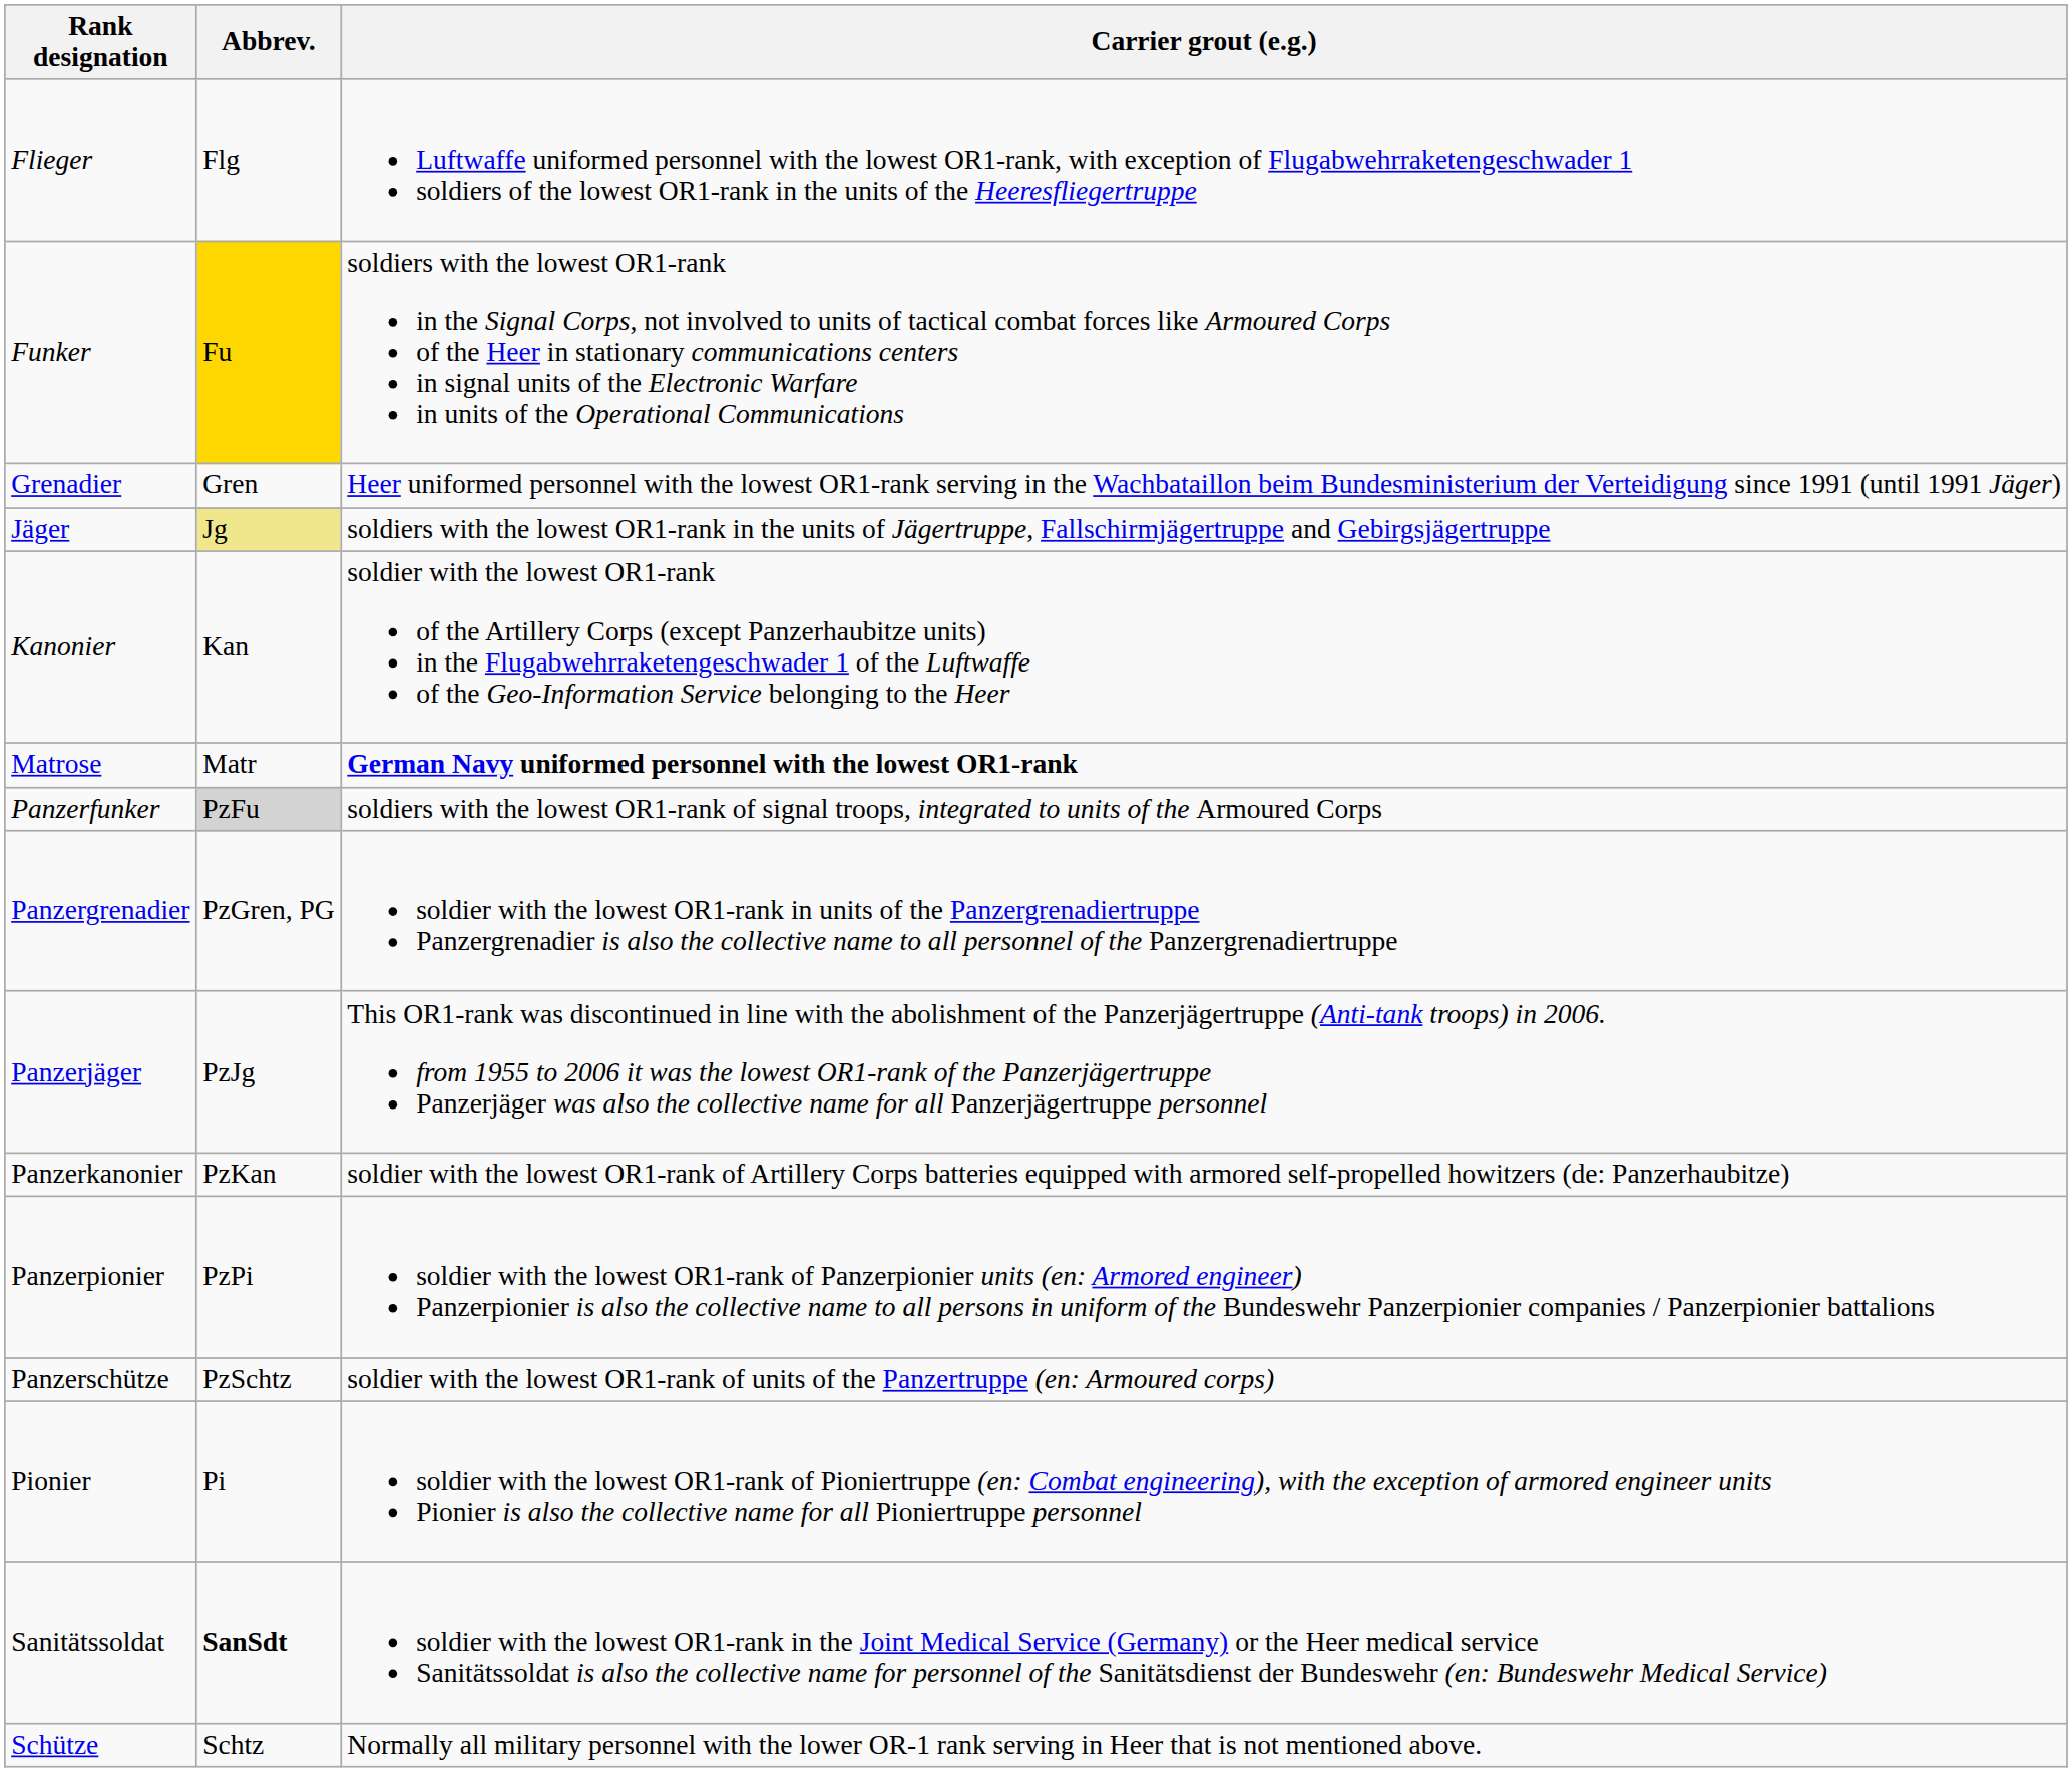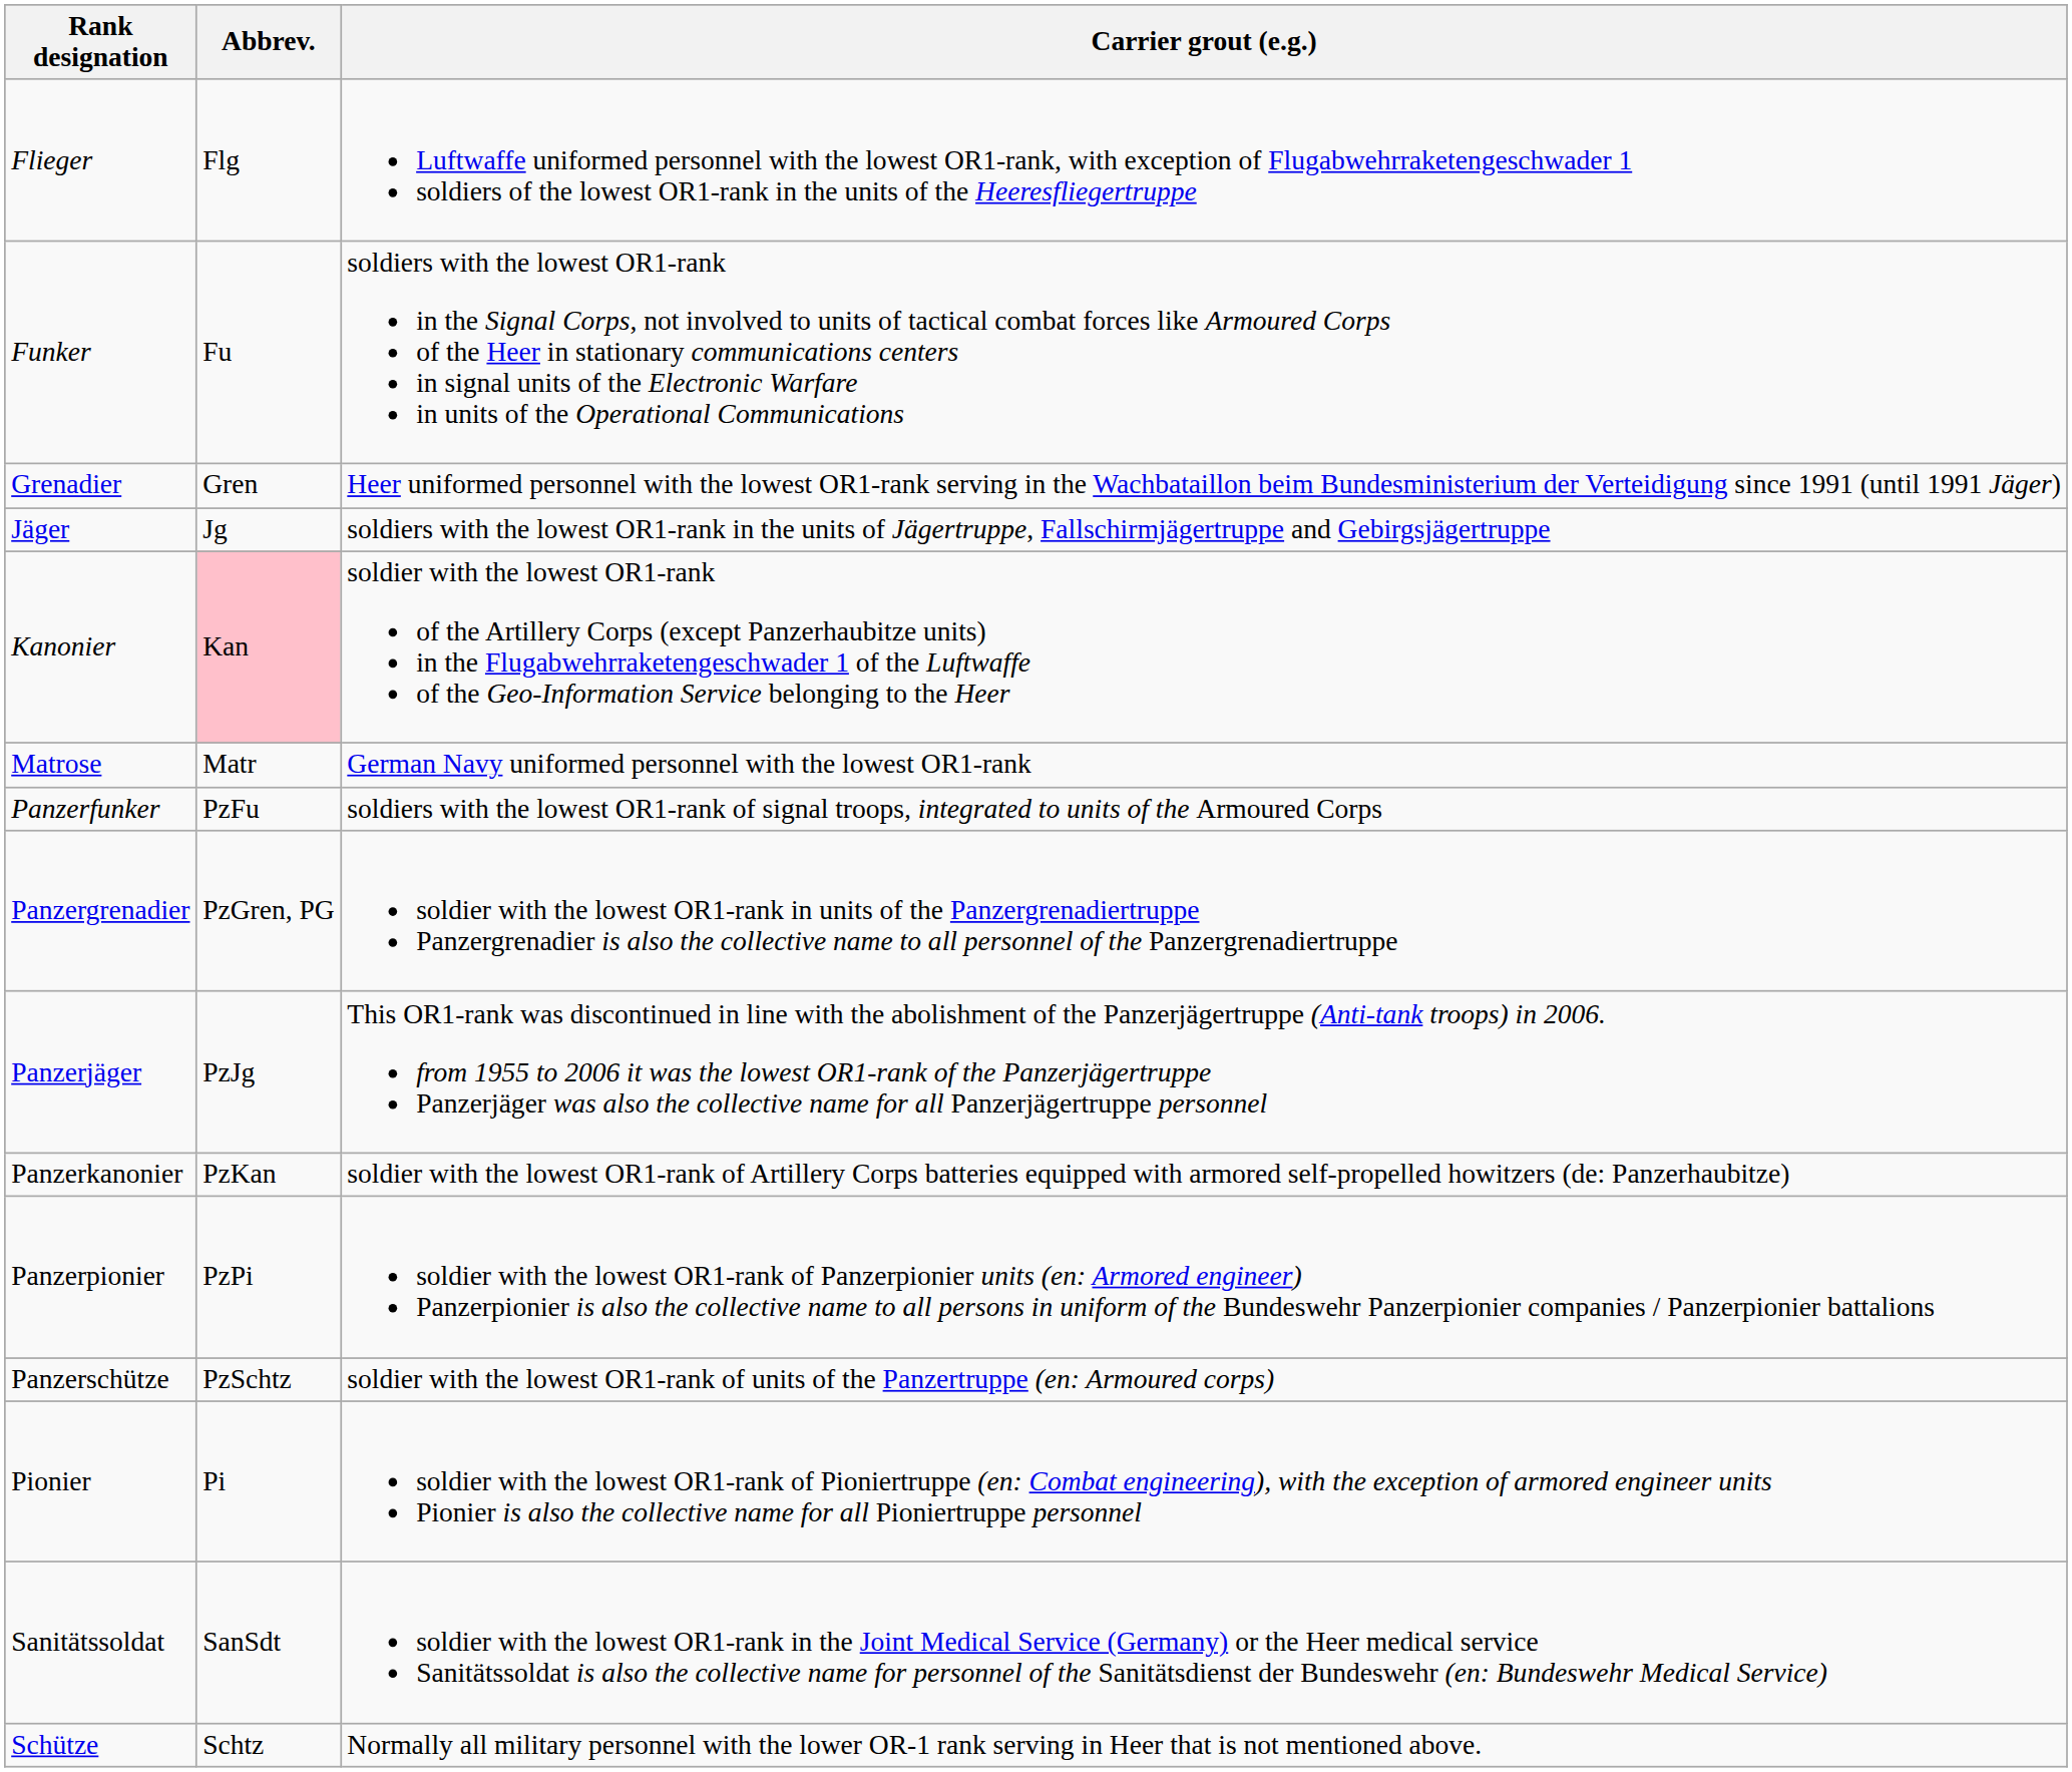 <table class="wikitable">
 <tr>
 <th align="center">Rank<br>designation</th>
 <th align="center">Abbrev.</th>
 <th align="center">Carrier grout (e.g.)</th>
 </tr>
 <tr>
 <td><em>Flieger</em></td>
 <td>Flg</td>
 <td><br><ul><li><a href='#'>Luftwaffe</a> uniformed personnel with the lowest OR1-rank, with exception of <a href='#'>Flugabwehrraketengeschwader 1</a></li><li>soldiers of the lowest OR1-rank in the units of the <a href='#'><em>Heeresfliegertruppe</em></a></li></ul></td>
 </tr>
 <tr>
 <td><em>Funker</em></td>
-<td style="background: gold;">Fu</td>
+<td>Fu</td>
 <td>soldiers with the lowest OR1-rank<br><ul><li>in the <em>Signal Corps</em>, not involved to units of tactical combat forces like <em>Armoured Corps</em></li><li>of the <a href='#'>Heer</a> in stationary <em>communications centers</em></li><li>in signal units of the <em>Electronic Warfare</em></li><li>in units of the <em>Operational Communications</em></li></ul></td>
 </tr>
 <tr>
 <td><a href='#'>Grenadier</a></td>
 <td>Gren</td>
 <td><a href='#'>Heer</a> uniformed personnel with the lowest OR1-rank serving in the <a href='#'>Wachbataillon beim Bundesministerium der Verteidigung</a> since 1991 (until 1991 <em>Jäger</em>)</td>
 </tr>
 <tr>
 <td><a href='#'>Jäger</a></td>
-<td style="background: khaki;">Jg</td>
+<td>Jg</td>
 <td>soldiers with the lowest OR1-rank in the units of <em>Jägertruppe</em>, <a href='#'>Fallschirmjägertruppe</a> and <a href='#'>Gebirgsjägertruppe</a></td>
 </tr>
 <tr>
 <td><em>Kanonier</em></td>
-<td>Kan</td>
+<td style="background: pink;">Kan</td>
 <td>soldier with the lowest OR1-rank<br><ul><li>of the Artillery Corps  (except Panzerhaubitze units)</li><li>in the <a href='#'>Flugabwehrraketengeschwader 1</a> of the <em>Luftwaffe</em></li><li>of the <em>Geo-Information Service</em> belonging to the <em>Heer</em></li></ul></td>
 </tr>
 <tr>
 <td><a href='#'>Matrose</a></td>
 <td>Matr</td>
-<td><strong><a href='#'>German Navy</a> uniformed personnel with the lowest OR1-rank</strong></td>
+<td><a href='#'>German Navy</a> uniformed personnel with the lowest OR1-rank</td>
 </tr>
 <tr>
 <td><em>Panzerfunker</em></td>
-<td style="background: lightgrey;">PzFu</td>
+<td>PzFu</td>
 <td>soldiers with the lowest OR1-rank of signal troops<em>, integrated to units of the </em>Armoured Corps<em></td>
 </tr>
 <tr>
 <td><a href='#'>Panzergrenadier</a></td>
 <td>PzGren, PG</td>
 <td><br><ul><li>soldier with the lowest OR1-rank in units of the </em><a href='#'>Panzergrenadiertruppe</a><em></li><li></em>Panzergrenadier<em> is also the collective name to all personnel of the </em>Panzergrenadiertruppe<em></li></ul></td>
 </tr>
 <tr>
 <td><a href='#'>Panzerjäger</a></td>
 <td>PzJg</td>
 <td>This OR1-rank was discontinued in line with the abolishment of the </em>Panzerjägertruppe<em> (<a href='#'>Anti-tank</a> troops) in 2006.<br><ul><li>from 1955 to 2006 it was the lowest OR1-rank of the Panzerjägertruppe</li><li></em>Panzerjäger<em> was also the collective name for all </em>Panzerjägertruppe<em> personnel</li></ul></td>
 </tr>
 <tr>
 <td></em>Panzerkanonier<em></td>
 <td>PzKan</td>
 <td>soldier with the lowest OR1-rank of Artillery Corps batteries equipped with armored self-propelled howitzers (de: Panzerhaubitze)</td>
 </tr>
 <tr>
 <td></em>Panzerpionier<em></td>
 <td>PzPi</td>
 <td><br><ul><li>soldier with the lowest OR1-rank of </em>Panzerpionier<em> units (en: <a href='#'>Armored engineer</a>)</li><li></em>Panzerpionier<em> is also the collective name to all persons in uniform of the </em>Bundeswehr Panzerpionier companies / Panzerpionier battalions <em></li></ul></td>
 </tr>
 <tr>
 <td></em>Panzerschütze<em></td>
 <td>PzSchtz</td>
 <td>soldier with the lowest OR1-rank of units of the </em><a href='#'>Panzertruppe</a><em> (en: Armoured corps)</td>
 </tr>
 <tr>
 <td></em>Pionier<em></td>
 <td>Pi</td>
 <td><br><ul><li>soldier with the lowest OR1-rank of </em>Pioniertruppe<em> (en: <a href='#'>Combat engineering</a>), with the exception of armored engineer units</li><li></em>Pionier<em> is also the collective name for all </em>Pioniertruppe<em> personnel</li></ul></td>
 </tr>
 <tr>
 <td></em>Sanitätssoldat<em></td>
-<td><strong>SanSdt</strong></td>
+<td>SanSdt</td>
 <td><br><ul><li>soldier with the lowest OR1-rank in the <a href='#'>Joint Medical Service (Germany)</a> or the Heer medical service</li><li></em>Sanitätssoldat<em> is also the collective name for personnel of the </em>Sanitätsdienst der Bundeswehr<em> (en: Bundeswehr Medical Service)</li></ul></td>
 </tr>
 <tr>
 <td><a href='#'>Schütze</a></td>
 <td>Schtz</td>
 <td>Normally all military personnel with the lower OR-1 rank serving in Heer that is not mentioned above.</td>
 </tr>
 </table>
